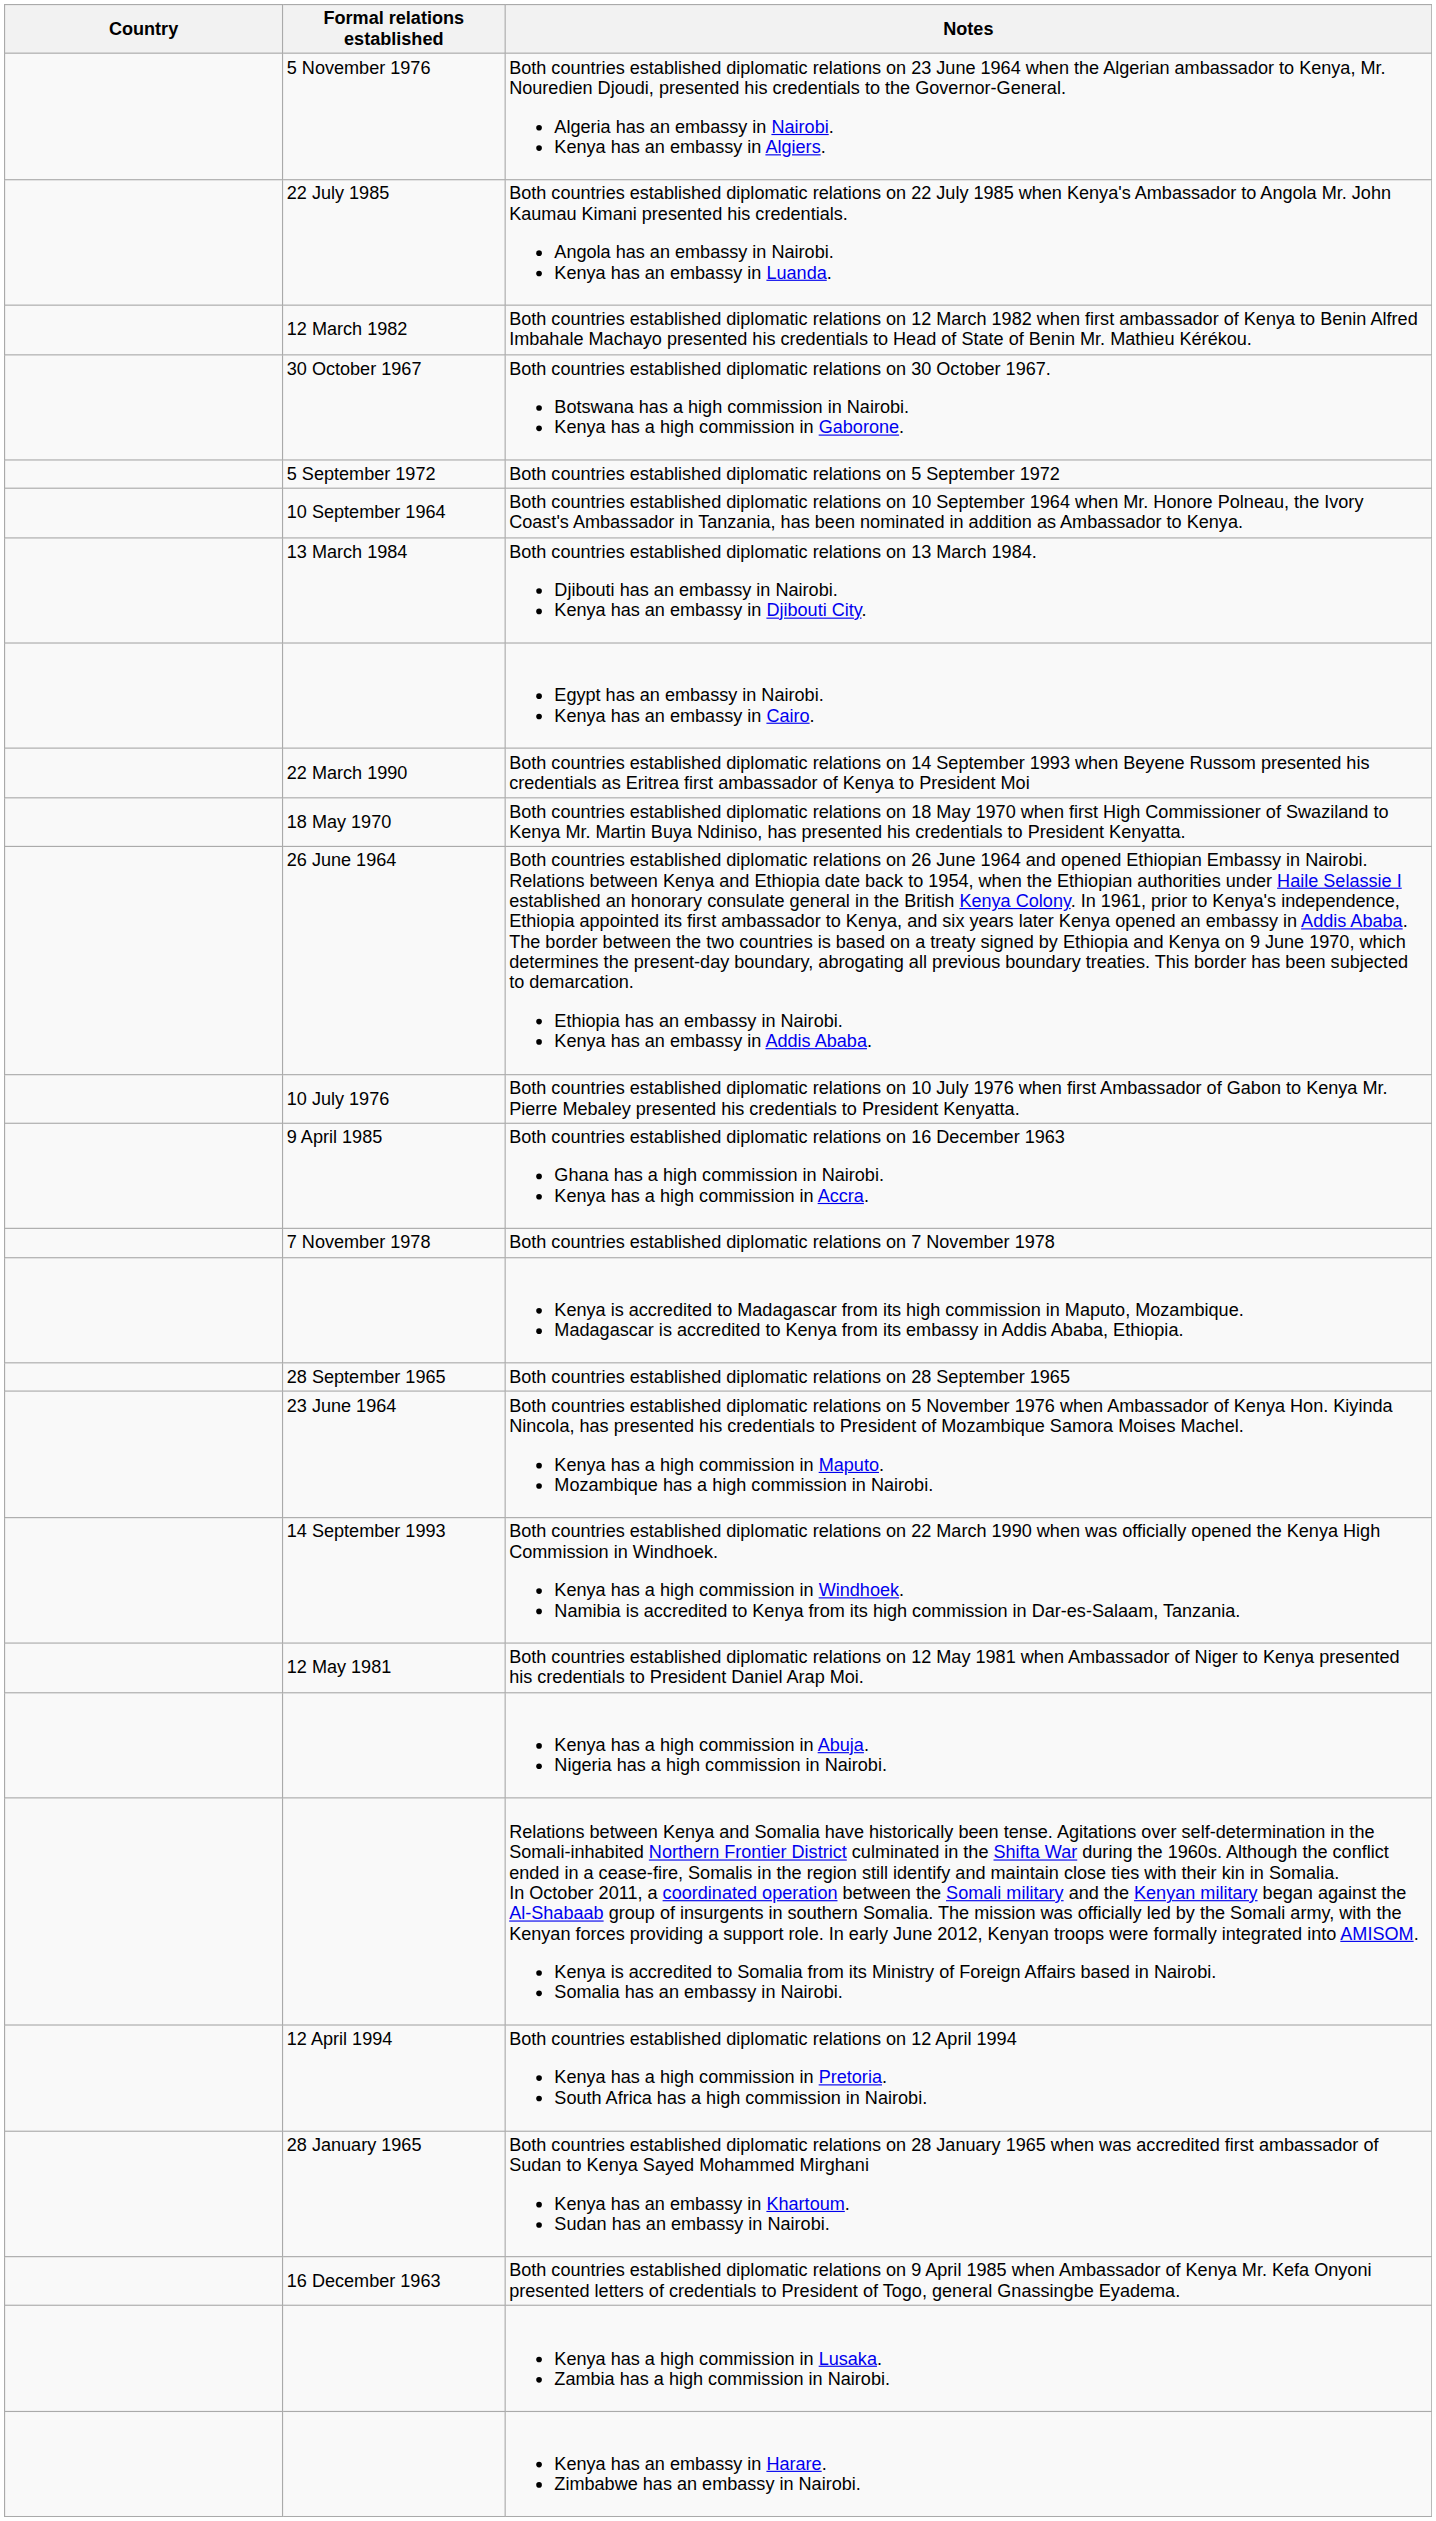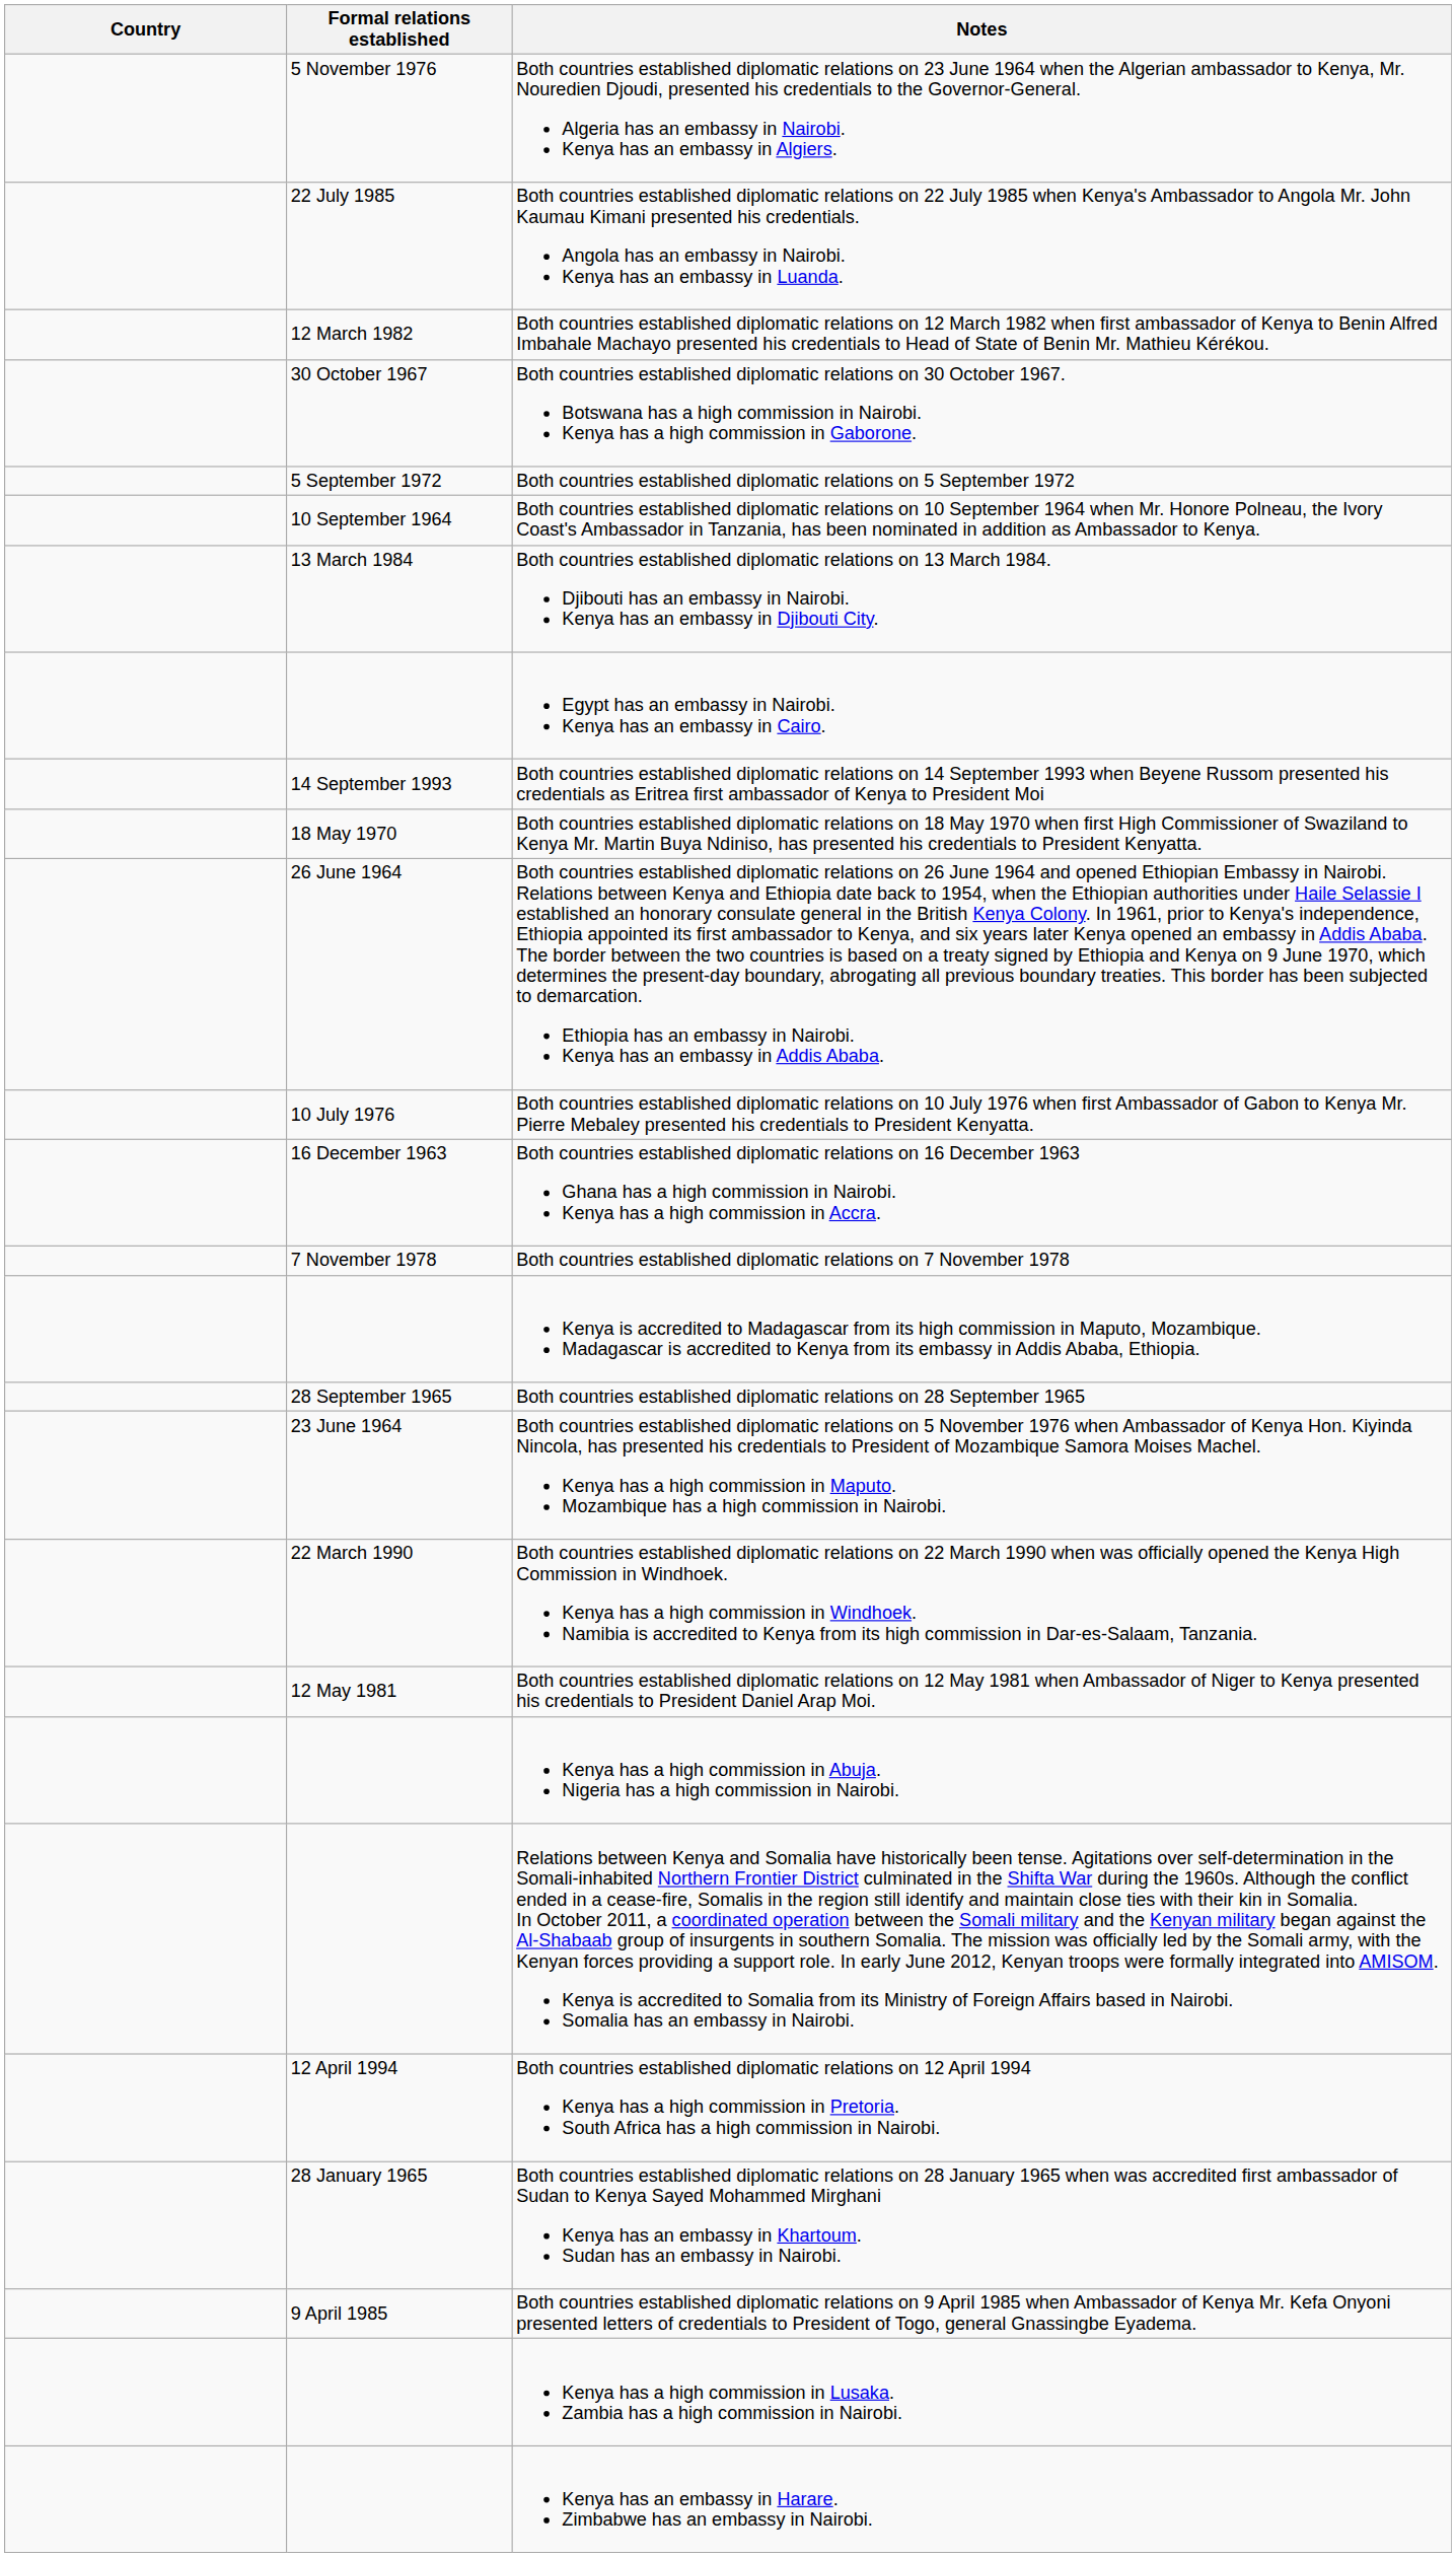 <table class="wikitable sortable" style="width:100%; margin:auto;">
 <tr>
 <th style="width:15%;">Country</th>
 <th style="width:12%;">Formal relations established</th>
 <th style="width:50%;">Notes</th>
 </tr>
 <tr valign="top">
 <td></td>
 <td>5 November 1976</td>
 <td>Both countries established diplomatic relations on 23 June 1964 when the Algerian ambassador to Kenya, Mr. Nouredien Djoudi, presented his credentials to the Governor-General.<br><ul><li>Algeria has an embassy in <a href='#'>Nairobi</a>.</li><li>Kenya has an embassy in <a href='#'>Algiers</a>.</li></ul></td>
 </tr>
 <tr valign="top">
 <td></td>
 <td>22 July 1985</td>
 <td>Both countries established diplomatic relations on 22 July 1985 when Kenya's Ambassador to Angola Mr. John Kaumau Kimani presented his credentials.<br><ul><li>Angola has an embassy in Nairobi.</li><li>Kenya has an embassy in <a href='#'>Luanda</a>.</li></ul></td>
 </tr>
 <tr>
 <td></td>
 <td>12 March 1982</td>
 <td>Both countries established diplomatic relations on 12 March 1982 when first ambassador of Kenya to Benin Alfred Imbahale Machayo presented his credentials to Head of State of Benin Mr. Mathieu Kérékou.</td>
 </tr>
 <tr valign="top">
 <td></td>
 <td>30 October 1967</td>
 <td>Both countries established diplomatic relations on 30 October 1967.<br><ul><li>Botswana has a high commission in Nairobi.</li><li>Kenya has a high commission in <a href='#'>Gaborone</a>.</li></ul></td>
 </tr>
 <tr>
 <td></td>
 <td>5 September 1972</td>
 <td>Both countries established diplomatic relations on 5 September 1972</td>
 </tr>
 <tr>
 <td></td>
 <td>10 September 1964</td>
 <td>Both countries established diplomatic relations on 10 September 1964 when Mr. Honore Polneau, the Ivory Coast's Ambassador in Tanzania, has been nominated in addition as Ambassador to Kenya.</td>
 </tr>
 <tr valign="top">
 <td></td>
 <td>13 March 1984</td>
 <td>Both countries established diplomatic relations on 13 March 1984.<br><ul><li>Djibouti has an embassy in Nairobi.</li><li>Kenya has an embassy in <a href='#'>Djibouti City</a>.</li></ul></td>
 </tr>
 <tr valign="top">
 <td></td>
 <td></td>
 <td><br><ul><li>Egypt has an embassy in Nairobi.</li><li>Kenya has an embassy in <a href='#'>Cairo</a>.</li></ul></td>
 </tr>
 <tr>
 <td></td>
-<td>22 March 1990</td>
+<td>14 September 1993</td>
 <td>Both countries established diplomatic relations on 14 September 1993 when Beyene Russom presented his credentials as Eritrea first ambassador of Kenya to President Moi</td>
 </tr>
 <tr>
 <td></td>
 <td>18 May 1970</td>
 <td>Both countries established diplomatic relations on 18 May 1970 when first High Commissioner of Swaziland to Kenya Mr. Martin Buya Ndiniso, has presented his credentials to President Kenyatta.</td>
 </tr>
 <tr valign="top">
 <td></td>
 <td>26 June 1964</td>
 <td>Both countries established diplomatic relations on 26 June 1964 and opened Ethiopian Embassy in Nairobi.<br>Relations between Kenya and Ethiopia date back to 1954, when the Ethiopian authorities under <a href='#'>Haile Selassie I</a> established an honorary consulate general in the British <a href='#'>Kenya Colony</a>. In 1961, prior to Kenya's independence, Ethiopia appointed its first ambassador to Kenya, and six years later Kenya opened an embassy in <a href='#'>Addis Ababa</a>.<br>The border between the two countries is based on a treaty signed by Ethiopia and Kenya on 9 June 1970, which determines the present-day boundary, abrogating all previous boundary treaties. This border has been subjected to demarcation.<ul><li>Ethiopia has an embassy in Nairobi.</li><li>Kenya has an embassy in <a href='#'>Addis Ababa</a>.</li></ul></td>
 </tr>
 <tr>
 <td></td>
 <td>10 July 1976</td>
 <td>Both countries established diplomatic relations on 10 July 1976 when first Ambassador of Gabon to Kenya Mr. Pierre Mebaley presented his credentials to President Kenyatta.</td>
 </tr>
 <tr valign="top">
 <td></td>
-<td>9 April 1985</td>
+<td>16 December 1963</td>
 <td>Both countries established diplomatic relations on 16 December 1963<br><ul><li>Ghana has a high commission in Nairobi.</li><li>Kenya has a high commission in <a href='#'>Accra</a>.</li></ul></td>
 </tr>
 <tr>
 <td></td>
 <td>7 November 1978</td>
 <td>Both countries established diplomatic relations on 7 November 1978</td>
 </tr>
 <tr valign="top">
 <td></td>
 <td></td>
 <td><br><ul><li>Kenya is accredited to Madagascar from its high commission in Maputo, Mozambique.</li><li>Madagascar is accredited to Kenya from its embassy in Addis Ababa, Ethiopia.</li></ul></td>
 </tr>
 <tr>
 <td></td>
 <td>28 September 1965</td>
 <td>Both countries established diplomatic relations on 28 September 1965</td>
 </tr>
 <tr valign="top">
 <td></td>
 <td>23 June 1964</td>
 <td>Both countries established diplomatic relations on 5 November 1976 when Ambassador of Kenya Hon. Kiyinda Nincola, has presented his credentials to President of Mozambique Samora Moises Machel.<br><ul><li>Kenya has a high commission in <a href='#'>Maputo</a>.</li><li>Mozambique has a high commission in Nairobi.</li></ul></td>
 </tr>
 <tr valign="top">
 <td></td>
-<td>14 September 1993</td>
+<td>22 March 1990</td>
 <td>Both countries established diplomatic relations on 22 March 1990 when was officially opened the Kenya High Commission in Windhoek.<br><ul><li>Kenya has a high commission in <a href='#'>Windhoek</a>.</li><li>Namibia is accredited to Kenya from its high commission in Dar-es-Salaam, Tanzania.</li></ul></td>
 </tr>
 <tr>
 <td></td>
 <td>12 May 1981</td>
 <td>Both countries established diplomatic relations on 12 May 1981 when Ambassador of Niger to Kenya presented his credentials to President Daniel Arap Moi.</td>
 </tr>
 <tr valign="top">
 <td></td>
 <td></td>
 <td><br><ul><li>Kenya has a high commission in <a href='#'>Abuja</a>.</li><li>Nigeria has a high commission in Nairobi.</li></ul></td>
 </tr>
 <tr valign="top">
 <td></td>
 <td></td>
 <td><br>Relations between Kenya and Somalia have historically been tense. Agitations over self-determination in the Somali-inhabited <a href='#'>Northern Frontier District</a> culminated in the <a href='#'>Shifta War</a> during the 1960s. Although the conflict ended in a cease-fire, Somalis in the region still identify and maintain close ties with their kin in Somalia.<br>In October 2011, a <a href='#'>coordinated operation</a> between the <a href='#'>Somali military</a> and the <a href='#'>Kenyan military</a> began against the <a href='#'>Al-Shabaab</a> group of insurgents in southern Somalia. The mission was officially led by the Somali army, with the Kenyan forces providing a support role. In early June 2012, Kenyan troops were formally integrated into <a href='#'>AMISOM</a>.<ul><li>Kenya is accredited to Somalia from its Ministry of Foreign Affairs based in Nairobi.</li><li>Somalia has an embassy in Nairobi.</li></ul></td>
 </tr>
 <tr valign="top">
 <td></td>
 <td>12 April 1994</td>
 <td>Both countries established diplomatic relations on 12 April 1994<br><ul><li>Kenya has a high commission in <a href='#'>Pretoria</a>.</li><li>South Africa has a high commission in Nairobi.</li></ul></td>
 </tr>
 <tr valign="top">
 <td></td>
 <td>28 January 1965</td>
 <td>Both countries established diplomatic relations on 28 January 1965 when was accredited first ambassador of Sudan to Kenya Sayed Mohammed Mirghani<br><ul><li>Kenya has an embassy in <a href='#'>Khartoum</a>.</li><li>Sudan has an embassy in Nairobi.</li></ul></td>
 </tr>
 <tr>
 <td></td>
-<td>16 December 1963</td>
+<td>9 April 1985</td>
 <td>Both countries established diplomatic relations on 9 April 1985 when Ambassador of Kenya Mr. Kefa Onyoni presented letters of credentials to President of Togo, general Gnassingbe Eyadema.</td>
 </tr>
 <tr valign="top">
 <td></td>
 <td></td>
 <td><br><ul><li>Kenya has a high commission in <a href='#'>Lusaka</a>.</li><li>Zambia has a high commission in Nairobi.</li></ul></td>
 </tr>
 <tr valign="top">
 <td></td>
 <td></td>
 <td><br><ul><li>Kenya has an embassy in <a href='#'>Harare</a>.</li><li>Zimbabwe has an embassy in Nairobi.</li></ul></td>
 </tr>
 </table>
